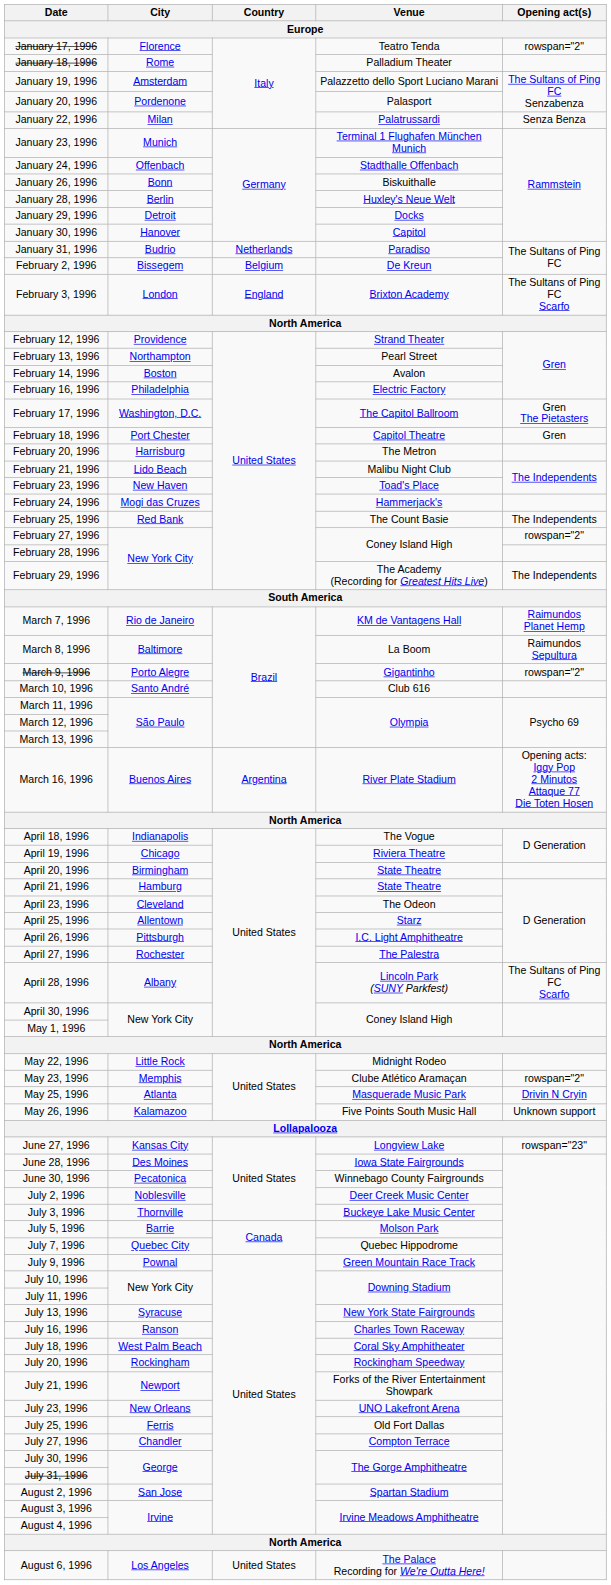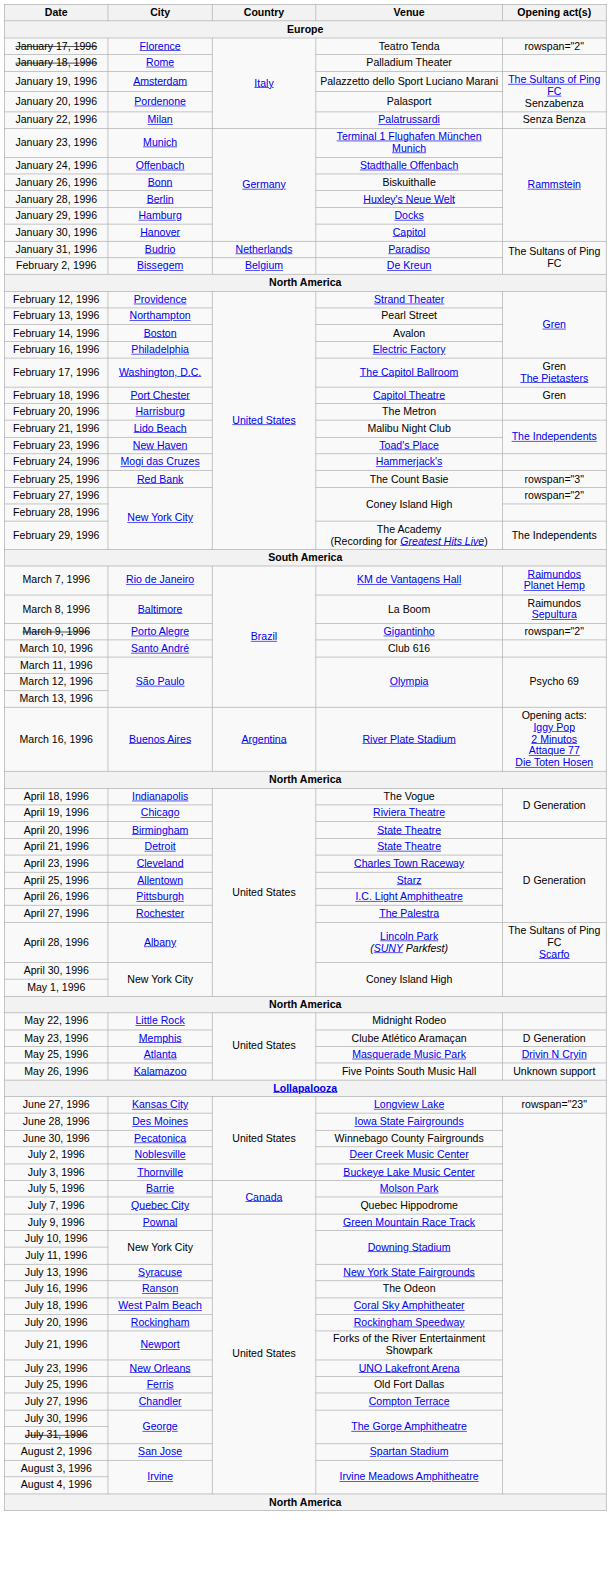 <table class="wikitable" style="text-align:center;">
 <tr>
 <th width="150">Date</th>
 <th width="150">City</th>
 <th width="150">Country</th>
 <th width="275">Venue</th>
 <th width="150">Opening act(s)</th>
 </tr>
 <tr>
 <th colspan="5">Europe</th>
 </tr>
 <tr>
 <td><s>January 17, 1996</s></td>
 <td><a href='#'>Florence</a></td>
 <td rowspan="5"><a href='#'>Italy</a></td>
 <td>Teatro Tenda</td>
 <td>rowspan="2" </td>
 </tr>
 <tr>
 <td><s>January 18, 1996</s></td>
 <td><a href='#'>Rome</a></td>
 <td>Palladium Theater</td>
 </tr>
 <tr>
 <td>January 19, 1996</td>
 <td><a href='#'>Amsterdam</a></td>
 <td>Palazzetto dello Sport Luciano Marani</td>
 <td rowspan="2"><a href='#'>The Sultans of Ping FC</a><br>Senzabenza</td>
 </tr>
 <tr>
 <td>January 20, 1996</td>
 <td><a href='#'>Pordenone</a></td>
 <td>Palasport</td>
 </tr>
 <tr>
 <td>January 22, 1996</td>
 <td><a href='#'>Milan</a></td>
 <td><a href='#'>Palatrussardi</a></td>
 <td>Senza Benza</td>
 </tr>
 <tr>
 <td>January 23, 1996</td>
 <td><a href='#'>Munich</a></td>
 <td rowspan="6"><a href='#'>Germany</a></td>
 <td><a href='#'>Terminal 1 Flughafen München Munich</a></td>
 <td rowspan="6"><a href='#'>Rammstein</a></td>
 </tr>
 <tr>
 <td>January 24, 1996</td>
 <td><a href='#'>Offenbach</a></td>
 <td><a href='#'>Stadthalle Offenbach</a></td>
 </tr>
 <tr>
 <td>January 26, 1996</td>
 <td><a href='#'>Bonn</a></td>
 <td>Biskuithalle</td>
 </tr>
 <tr>
 <td>January 28, 1996</td>
 <td><a href='#'>Berlin</a></td>
 <td><a href='#'>Huxley's Neue Welt</a></td>
 </tr>
 <tr>
 <td>January 29, 1996</td>
-<td><a href='#'>Detroit</a></td>
+<td><a href='#'>Hamburg</a></td>
 <td><a href='#'>Docks</a></td>
 </tr>
 <tr>
 <td>January 30, 1996</td>
 <td><a href='#'>Hanover</a></td>
 <td><a href='#'>Capitol</a></td>
 </tr>
 <tr>
 <td>January 31, 1996</td>
 <td><a href='#'>Budrio</a></td>
 <td><a href='#'>Netherlands</a></td>
 <td><a href='#'>Paradiso</a></td>
 <td rowspan="2">The Sultans of Ping FC</td>
 </tr>
 <tr>
 <td>February 2, 1996</td>
 <td><a href='#'>Bissegem</a></td>
 <td><a href='#'>Belgium</a></td>
 <td><a href='#'>De Kreun</a></td>
-</tr>
-<tr>
-<td>February 3, 1996</td>
-<td><a href='#'>London</a></td>
-<td><a href='#'>England</a></td>
-<td><a href='#'>Brixton Academy</a></td>
-<td>The Sultans of Ping FC<br><a href='#'>Scarfo</a></td>
 </tr>
 <tr>
 <th colspan="5">North America</th>
 </tr>
 <tr>
 <td>February 12, 1996</td>
 <td><a href='#'>Providence</a></td>
 <td rowspan="14"><a href='#'>United States</a></td>
 <td><a href='#'>Strand Theater</a></td>
 <td rowspan="4"><a href='#'>Gren</a></td>
 </tr>
 <tr>
 <td>February 13, 1996</td>
 <td><a href='#'>Northampton</a></td>
 <td>Pearl Street</td>
 </tr>
 <tr>
 <td>February 14, 1996</td>
 <td><a href='#'>Boston</a></td>
 <td>Avalon</td>
 </tr>
 <tr>
 <td>February 16, 1996</td>
 <td><a href='#'>Philadelphia</a></td>
 <td><a href='#'>Electric Factory</a></td>
 </tr>
 <tr>
 <td>February 17, 1996</td>
 <td><a href='#'>Washington, D.C.</a></td>
 <td><a href='#'>The Capitol Ballroom</a></td>
 <td>Gren<br><a href='#'>The Pietasters</a></td>
 </tr>
 <tr>
 <td>February 18, 1996</td>
 <td><a href='#'>Port Chester</a></td>
 <td><a href='#'>Capitol Theatre</a></td>
 <td>Gren</td>
 </tr>
 <tr>
 <td>February 20, 1996</td>
 <td><a href='#'>Harrisburg</a></td>
 <td>The Metron</td>
 <td></td>
 </tr>
 <tr>
 <td>February 21, 1996</td>
 <td><a href='#'>Lido Beach</a></td>
 <td>Malibu Night Club</td>
 <td rowspan="2"><a href='#'>The Independents</a></td>
 </tr>
 <tr>
 <td>February 23, 1996</td>
 <td><a href='#'>New Haven</a></td>
 <td><a href='#'>Toad's Place</a></td>
 </tr>
 <tr>
 <td>February 24, 1996</td>
 <td><a href='#'>Mogi das Cruzes</a></td>
 <td><a href='#'>Hammerjack's</a></td>
 <td></td>
 </tr>
 <tr>
 <td>February 25, 1996</td>
 <td><a href='#'>Red Bank</a></td>
 <td>The Count Basie</td>
-<td>The Independents</td>
+<td>rowspan="3" </td>
 </tr>
 <tr>
 <td>February 27, 1996</td>
 <td rowspan="3"><a href='#'>New York City</a></td>
 <td rowspan="2">Coney Island High</td>
 <td>rowspan="2" </td>
 </tr>
 <tr>
 <td>February 28, 1996</td>
 </tr>
 <tr>
 <td>February 29, 1996</td>
 <td>The Academy<br>(Recording for <em><a href='#'>Greatest Hits Live</a></em>)</td>
 <td>The Independents</td>
 </tr>
 <tr>
 <th colspan="5">South America</th>
 </tr>
 <tr>
 <td>March 7, 1996</td>
 <td><a href='#'>Rio de Janeiro</a></td>
 <td rowspan="7"><a href='#'>Brazil</a></td>
 <td><a href='#'>KM de Vantagens Hall</a></td>
 <td><a href='#'>Raimundos</a><br><a href='#'>Planet Hemp</a></td>
 </tr>
 <tr>
 <td>March 8, 1996</td>
 <td><a href='#'>Baltimore</a></td>
 <td>La Boom</td>
 <td>Raimundos<br><a href='#'>Sepultura</a></td>
 </tr>
 <tr>
 <td><s>March 9, 1996</s></td>
 <td><a href='#'>Porto Alegre</a></td>
 <td><a href='#'>Gigantinho</a></td>
 <td>rowspan="2" </td>
 </tr>
 <tr>
 <td>March 10, 1996</td>
 <td><a href='#'>Santo André</a></td>
 <td>Club 616</td>
 </tr>
 <tr>
 <td>March 11, 1996</td>
 <td rowspan="3"><a href='#'>São Paulo</a></td>
 <td rowspan="3"><a href='#'>Olympia</a></td>
 <td rowspan="3">Psycho 69</td>
 </tr>
 <tr>
 <td>March 12, 1996</td>
 </tr>
 <tr>
 <td>March 13, 1996</td>
 </tr>
 <tr>
 <td>March 16, 1996</td>
 <td><a href='#'>Buenos Aires</a></td>
 <td><a href='#'>Argentina</a></td>
 <td><a href='#'>River Plate Stadium</a></td>
 <td>Opening acts:<br><a href='#'>Iggy Pop</a><br><a href='#'>2 Minutos</a><br><a href='#'>Attaque 77</a><br><a href='#'>Die Toten Hosen</a></td>
 </tr>
 <tr>
 <th colspan="5">North America</th>
 </tr>
 <tr>
 <td>April 18, 1996</td>
 <td><a href='#'>Indianapolis</a></td>
 <td rowspan="11">United States</td>
 <td>The Vogue</td>
 <td rowspan="2">D Generation</td>
 </tr>
 <tr>
 <td>April 19, 1996</td>
 <td><a href='#'>Chicago</a></td>
 <td><a href='#'>Riviera Theatre</a></td>
 </tr>
 <tr>
 <td>April 20, 1996</td>
 <td><a href='#'>Birmingham</a></td>
 <td><a href='#'>State Theatre</a></td>
 <td></td>
 </tr>
 <tr>
 <td>April 21, 1996</td>
-<td><a href='#'>Hamburg</a></td>
+<td><a href='#'>Detroit</a></td>
 <td><a href='#'>State Theatre</a></td>
 <td rowspan="5">D Generation</td>
 </tr>
 <tr>
 <td>April 23, 1996</td>
 <td><a href='#'>Cleveland</a></td>
-<td>The Odeon</td>
+<td><a href='#'>Charles Town Raceway</a></td>
 </tr>
 <tr>
 <td>April 25, 1996</td>
 <td><a href='#'>Allentown</a></td>
 <td><a href='#'>Starz</a></td>
 </tr>
 <tr>
 <td>April 26, 1996</td>
 <td><a href='#'>Pittsburgh</a></td>
 <td><a href='#'>I.C. Light Amphitheatre</a></td>
 </tr>
 <tr>
 <td>April 27, 1996</td>
 <td><a href='#'>Rochester</a></td>
 <td><a href='#'>The Palestra</a></td>
 </tr>
 <tr>
 <td>April 28, 1996</td>
 <td><a href='#'>Albany</a></td>
 <td><a href='#'>Lincoln Park</a><br><em>(<a href='#'>SUNY</a> Parkfest)</em></td>
 <td>The Sultans of Ping FC<br><a href='#'>Scarfo</a></td>
 </tr>
 <tr>
 <td>April 30, 1996</td>
 <td rowspan="2">New York City</td>
 <td rowspan="2">Coney Island High</td>
 </tr>
 <tr>
 <td>May 1, 1996</td>
 </tr>
 <tr>
 <th colspan="5">North America</th>
 </tr>
 <tr>
 <td>May 22, 1996</td>
 <td><a href='#'>Little Rock</a></td>
 <td rowspan="4">United States</td>
 <td>Midnight Rodeo</td>
 <td></td>
 </tr>
 <tr>
 <td>May 23, 1996</td>
 <td><a href='#'>Memphis</a></td>
 <td>Clube Atlético Aramaçan</td>
-<td>rowspan="2" </td>
+<td>D Generation</td>
 </tr>
 <tr>
 <td>May 25, 1996</td>
 <td><a href='#'>Atlanta</a></td>
 <td><a href='#'>Masquerade Music Park</a></td>
 <td><a href='#'>Drivin N Cryin</a></td>
 </tr>
 <tr>
 <td>May 26, 1996</td>
 <td><a href='#'>Kalamazoo</a></td>
 <td>Five Points South Music Hall</td>
 <td>Unknown support</td>
 </tr>
 <tr>
 <th colspan="5"><a href='#'>Lollapalooza</a></th>
 </tr>
 <tr>
 <td>June 27, 1996</td>
 <td><a href='#'>Kansas City</a></td>
 <td rowspan="5">United States</td>
 <td><a href='#'>Longview Lake</a></td>
 <td>rowspan="23" </td>
 </tr>
 <tr>
 <td>June 28, 1996</td>
 <td><a href='#'>Des Moines</a></td>
 <td><a href='#'>Iowa State Fairgrounds</a></td>
 </tr>
 <tr>
 <td>June 30, 1996</td>
 <td><a href='#'>Pecatonica</a></td>
 <td>Winnebago County Fairgrounds</td>
 </tr>
 <tr>
 <td>July 2, 1996</td>
 <td><a href='#'>Noblesville</a></td>
 <td><a href='#'>Deer Creek Music Center</a></td>
 </tr>
 <tr>
 <td>July 3, 1996</td>
 <td><a href='#'>Thornville</a></td>
 <td><a href='#'>Buckeye Lake Music Center</a></td>
 </tr>
 <tr>
 <td>July 5, 1996</td>
 <td><a href='#'>Barrie</a></td>
 <td rowspan="2"><a href='#'>Canada</a></td>
 <td><a href='#'>Molson Park</a></td>
 </tr>
 <tr>
 <td>July 7, 1996</td>
 <td><a href='#'>Quebec City</a></td>
 <td>Quebec Hippodrome</td>
 </tr>
 <tr>
 <td>July 9, 1996</td>
 <td><a href='#'>Pownal</a></td>
 <td rowspan="16">United States</td>
 <td><a href='#'>Green Mountain Race Track</a></td>
 </tr>
 <tr>
 <td>July 10, 1996</td>
 <td rowspan="2">New York City</td>
 <td rowspan="2"><a href='#'>Downing Stadium</a></td>
 </tr>
 <tr>
 <td>July 11, 1996</td>
 </tr>
 <tr>
 <td>July 13, 1996</td>
 <td><a href='#'>Syracuse</a></td>
 <td><a href='#'>New York State Fairgrounds</a></td>
 </tr>
 <tr>
 <td>July 16, 1996</td>
 <td><a href='#'>Ranson</a></td>
-<td><a href='#'>Charles Town Raceway</a></td>
+<td>The Odeon</td>
 </tr>
 <tr>
 <td>July 18, 1996</td>
 <td><a href='#'>West Palm Beach</a></td>
 <td><a href='#'>Coral Sky Amphitheater</a></td>
 </tr>
 <tr>
 <td>July 20, 1996</td>
 <td><a href='#'>Rockingham</a></td>
 <td><a href='#'>Rockingham Speedway</a></td>
 </tr>
 <tr>
 <td>July 21, 1996</td>
 <td><a href='#'>Newport</a></td>
 <td>Forks of the River Entertainment Showpark</td>
 </tr>
 <tr>
 <td>July 23, 1996</td>
 <td><a href='#'>New Orleans</a></td>
 <td><a href='#'>UNO Lakefront Arena</a></td>
 </tr>
 <tr>
 <td>July 25, 1996</td>
 <td><a href='#'>Ferris</a></td>
 <td>Old Fort Dallas</td>
 </tr>
 <tr>
 <td>July 27, 1996</td>
 <td><a href='#'>Chandler</a></td>
 <td><a href='#'>Compton Terrace</a></td>
 </tr>
 <tr>
 <td>July 30, 1996</td>
 <td rowspan="2"><a href='#'>George</a></td>
 <td rowspan="2"><a href='#'>The Gorge Amphitheatre</a></td>
 </tr>
 <tr>
 <td><s>July 31, 1996</s></td>
 </tr>
 <tr>
 <td>August 2, 1996</td>
 <td><a href='#'>San Jose</a></td>
 <td><a href='#'>Spartan Stadium</a></td>
 </tr>
 <tr>
 <td>August 3, 1996</td>
 <td rowspan="2"><a href='#'>Irvine</a></td>
 <td rowspan="2"><a href='#'>Irvine Meadows Amphitheatre</a></td>
 </tr>
 <tr>
 <td>August 4, 1996</td>
 </tr>
 <tr>
 <th colspan="5">North America</th>
 </tr>
-<tr>
-<td>August 6, 1996</td>
-<td><a href='#'>Los Angeles</a></td>
-<td>United States</td>
-<td><a href='#'>The Palace</a><br>Recording for <em><a href='#'>We're Outta Here!</a></em></td>
-<td></td>
-</tr>
 </table>
